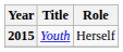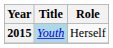 <table class="wikitable plainrowheaders">
 <tr>
 <th scope="col">Year</th>
 <th scope="col">Title</th>
 <th scope="col">Role</th>
 </tr>
 <tr>
 <th scope="row">2015</th>
-<td><em><a href='#'>Youth</a></em></td>
+<td style="background: lightblue;"><em><a href='#'>Youth</a></em></td>
 <td>Herself</td>
 </tr>
 <tr>
 </tr>
 </table>
